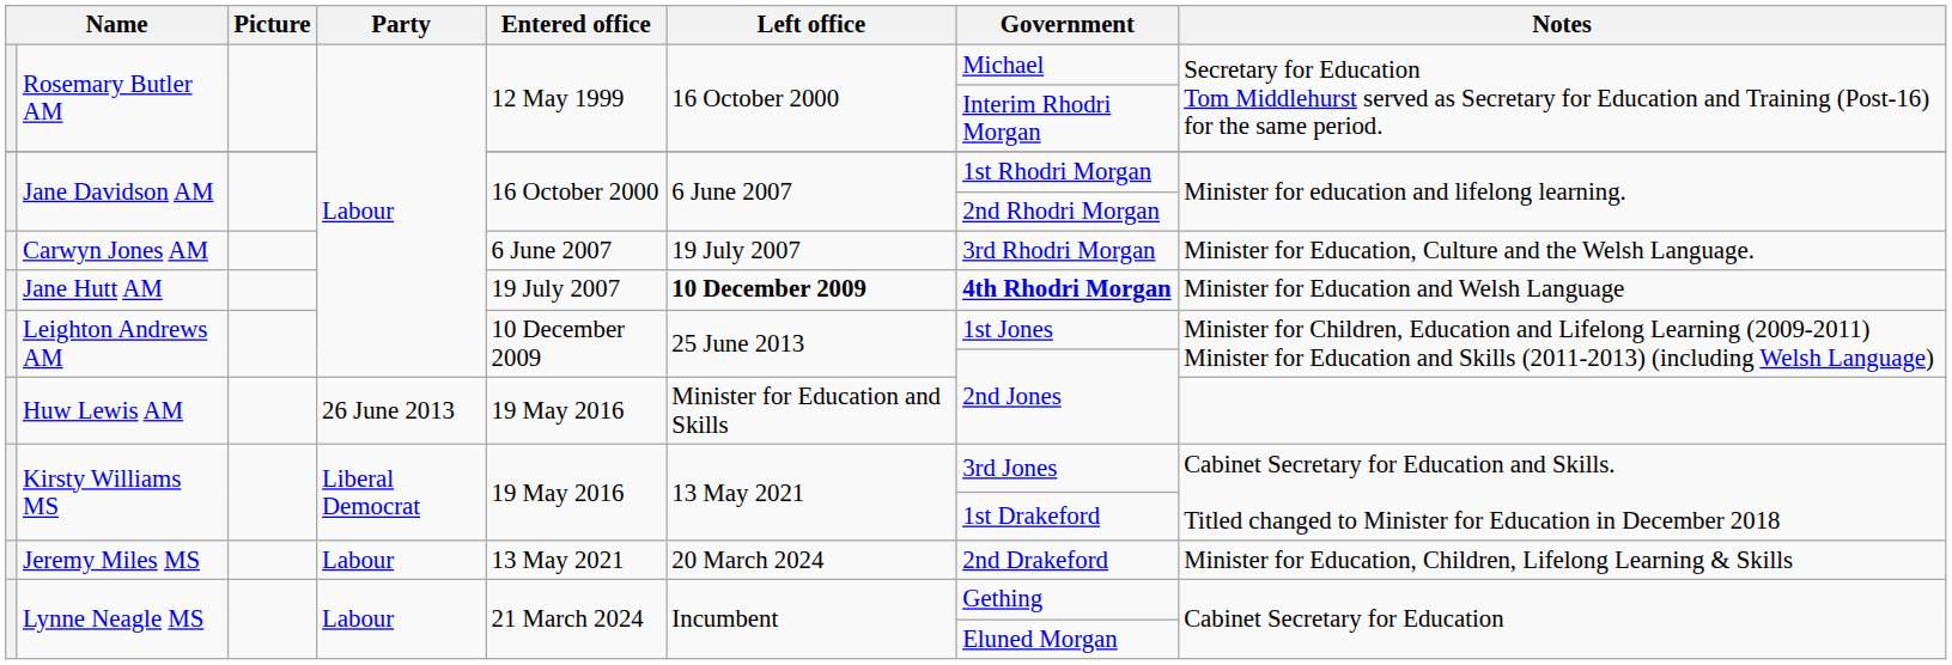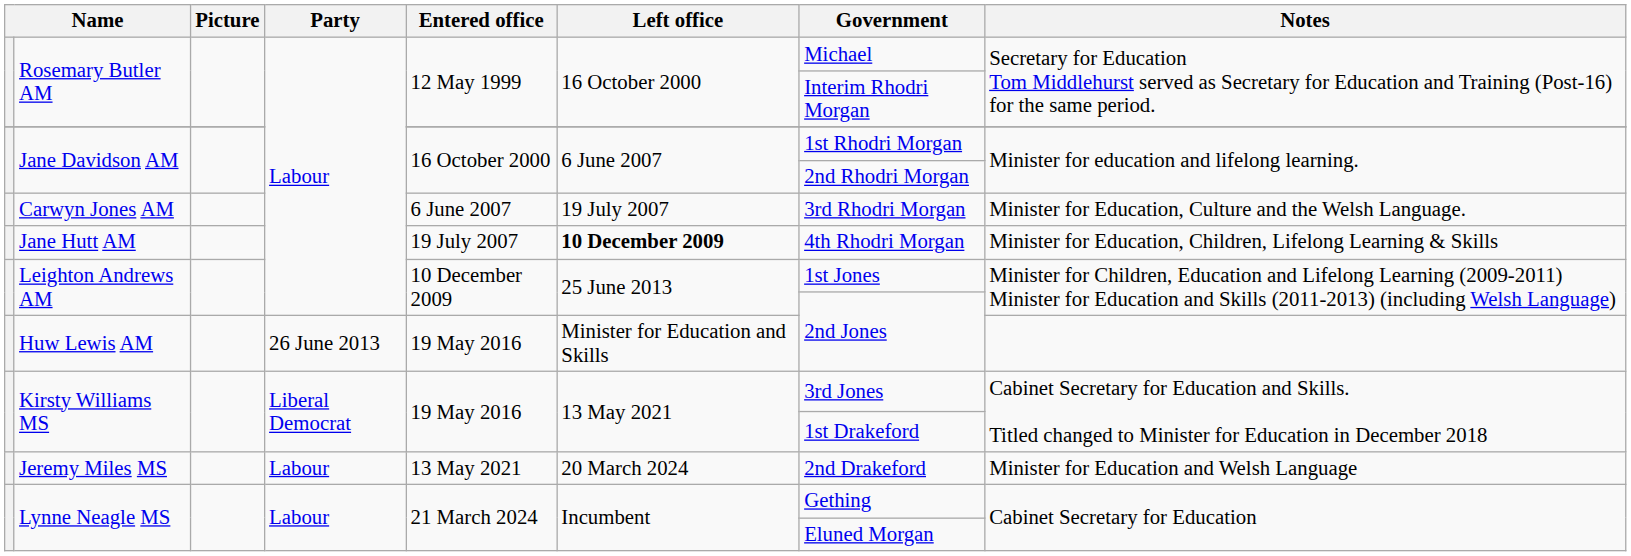 <table class="wikitable">
 <tr>
 <th colspan=2>Name</th>
 <th>Picture</th>
 <th>Party</th>
 <th>Entered office</th>
 <th>Left office</th>
 <th>Government</th>
 <th>Notes</th>
 </tr>
 <tr>
 <th rowspan="2" style="background-color:"></th>
 <td rowspan="2"><a href='#'>Rosemary Butler</a> <a href='#'>AM</a></td>
 <td rowspan="2"></td>
 <td rowspan="9"><a href='#'>Labour</a></td>
 <td rowspan="2">12 May 1999</td>
 <td rowspan="2">16 October 2000</td>
 <td><a href='#'>Michael</a></td>
 <td rowspan="2">Secretary for Education<br><a href='#'>Tom Middlehurst</a> served as Secretary for Education and Training (Post-16) for the same period.</td>
 </tr>
 <tr>
 <td><a href='#'>Interim Rhodri Morgan</a></td>
 </tr>
 <tr>
 </tr>
 <tr>
 <th rowspan="2" style="background-color:"></th>
 <td rowspan="2"><a href='#'>Jane Davidson</a> <a href='#'>AM</a></td>
 <td rowspan="2"></td>
 <td rowspan="2">16 October 2000 </td>
 <td rowspan="2">6 June 2007</td>
 <td><a href='#'>1st Rhodri Morgan</a></td>
 <td rowspan="2">Minister for education and lifelong learning.</td>
 </tr>
 <tr>
 <td><a href='#'>2nd Rhodri Morgan</a></td>
 </tr>
 <tr>
 <th style="background-color:"></th>
 <td><a href='#'>Carwyn Jones</a> <a href='#'>AM</a></td>
 <td></td>
 <td>6 June 2007 </td>
 <td>19 July 2007</td>
 <td><a href='#'>3rd Rhodri Morgan</a></td>
 <td>Minister for Education, Culture and the Welsh Language.</td>
 </tr>
 <tr>
 <th style="background-color:"></th>
 <td><a href='#'>Jane Hutt</a> <a href='#'>AM</a></td>
 <td></td>
 <td>19 July 2007</td>
 <td><strong>10 December 2009</strong></td>
-<td><strong><a href='#'>4th Rhodri Morgan</a></strong></td>
-<td>Minister for Education and Welsh Language</td>
+<td><a href='#'>4th Rhodri Morgan</a></td>
+<td>Minister for Education, Children, Lifelong Learning & Skills</td>
 </tr>
 <tr>
 <th rowspan="2" style="background-color:"></th>
 <td rowspan="2"><a href='#'>Leighton Andrews</a> <a href='#'>AM</a></td>
 <td rowspan="2"></td>
 <td rowspan="2">10 December 2009</td>
 <td rowspan="2">25 June 2013</td>
 <td><a href='#'>1st Jones</a></td>
 <td rowspan="2">Minister for Children, Education and Lifelong Learning (2009-2011)<br>Minister for Education and Skills (2011-2013) (including <a href='#'>Welsh Language</a>)</td>
 </tr>
 <tr>
 <td rowspan="2"><a href='#'>2nd Jones</a></td>
 </tr>
 <tr>
 <th style="background-color:"></th>
 <td><a href='#'>Huw Lewis</a> <a href='#'>AM</a></td>
 <td></td>
 <td>26 June 2013</td>
 <td>19 May 2016</td>
 <td>Minister for Education and Skills</td>
 </tr>
 <tr>
 <th rowspan="2" style="background-color:"></th>
 <td rowspan="2"><a href='#'>Kirsty Williams</a> <a href='#'>MS</a></td>
 <td rowspan="2"></td>
 <td rowspan="2"><a href='#'>Liberal Democrat</a></td>
 <td rowspan="2">19 May 2016</td>
 <td rowspan="2">13 May 2021</td>
 <td><a href='#'>3rd Jones</a></td>
 <td rowspan="2">Cabinet Secretary for Education and Skills. <br><br>Titled changed to Minister for Education in December 2018</td>
 </tr>
 <tr>
 <td><a href='#'>1st Drakeford</a></td>
 </tr>
 <tr>
 <th style="background-color:"></th>
 <td><a href='#'>Jeremy Miles</a> <a href='#'>MS</a></td>
 <td></td>
 <td><a href='#'>Labour</a></td>
 <td>13 May 2021</td>
 <td>20 March 2024</td>
 <td><a href='#'>2nd Drakeford</a></td>
-<td>Minister for Education, Children, Lifelong Learning & Skills</td>
+<td>Minister for Education and Welsh Language</td>
 </tr>
 <tr>
 <th rowspan="2" style="background-color:"></th>
 <td rowspan="2"><a href='#'>Lynne Neagle</a> <a href='#'>MS</a></td>
 <td rowspan="2"></td>
 <td rowspan="2"><a href='#'>Labour</a></td>
 <td rowspan="2">21 March 2024</td>
 <td rowspan="2">Incumbent</td>
 <td><a href='#'>Gething</a></td>
 <td rowspan="2">Cabinet Secretary for Education</td>
 </tr>
 <tr>
 <td><a href='#'>Eluned Morgan</a></td>
 </tr>
 </table>
